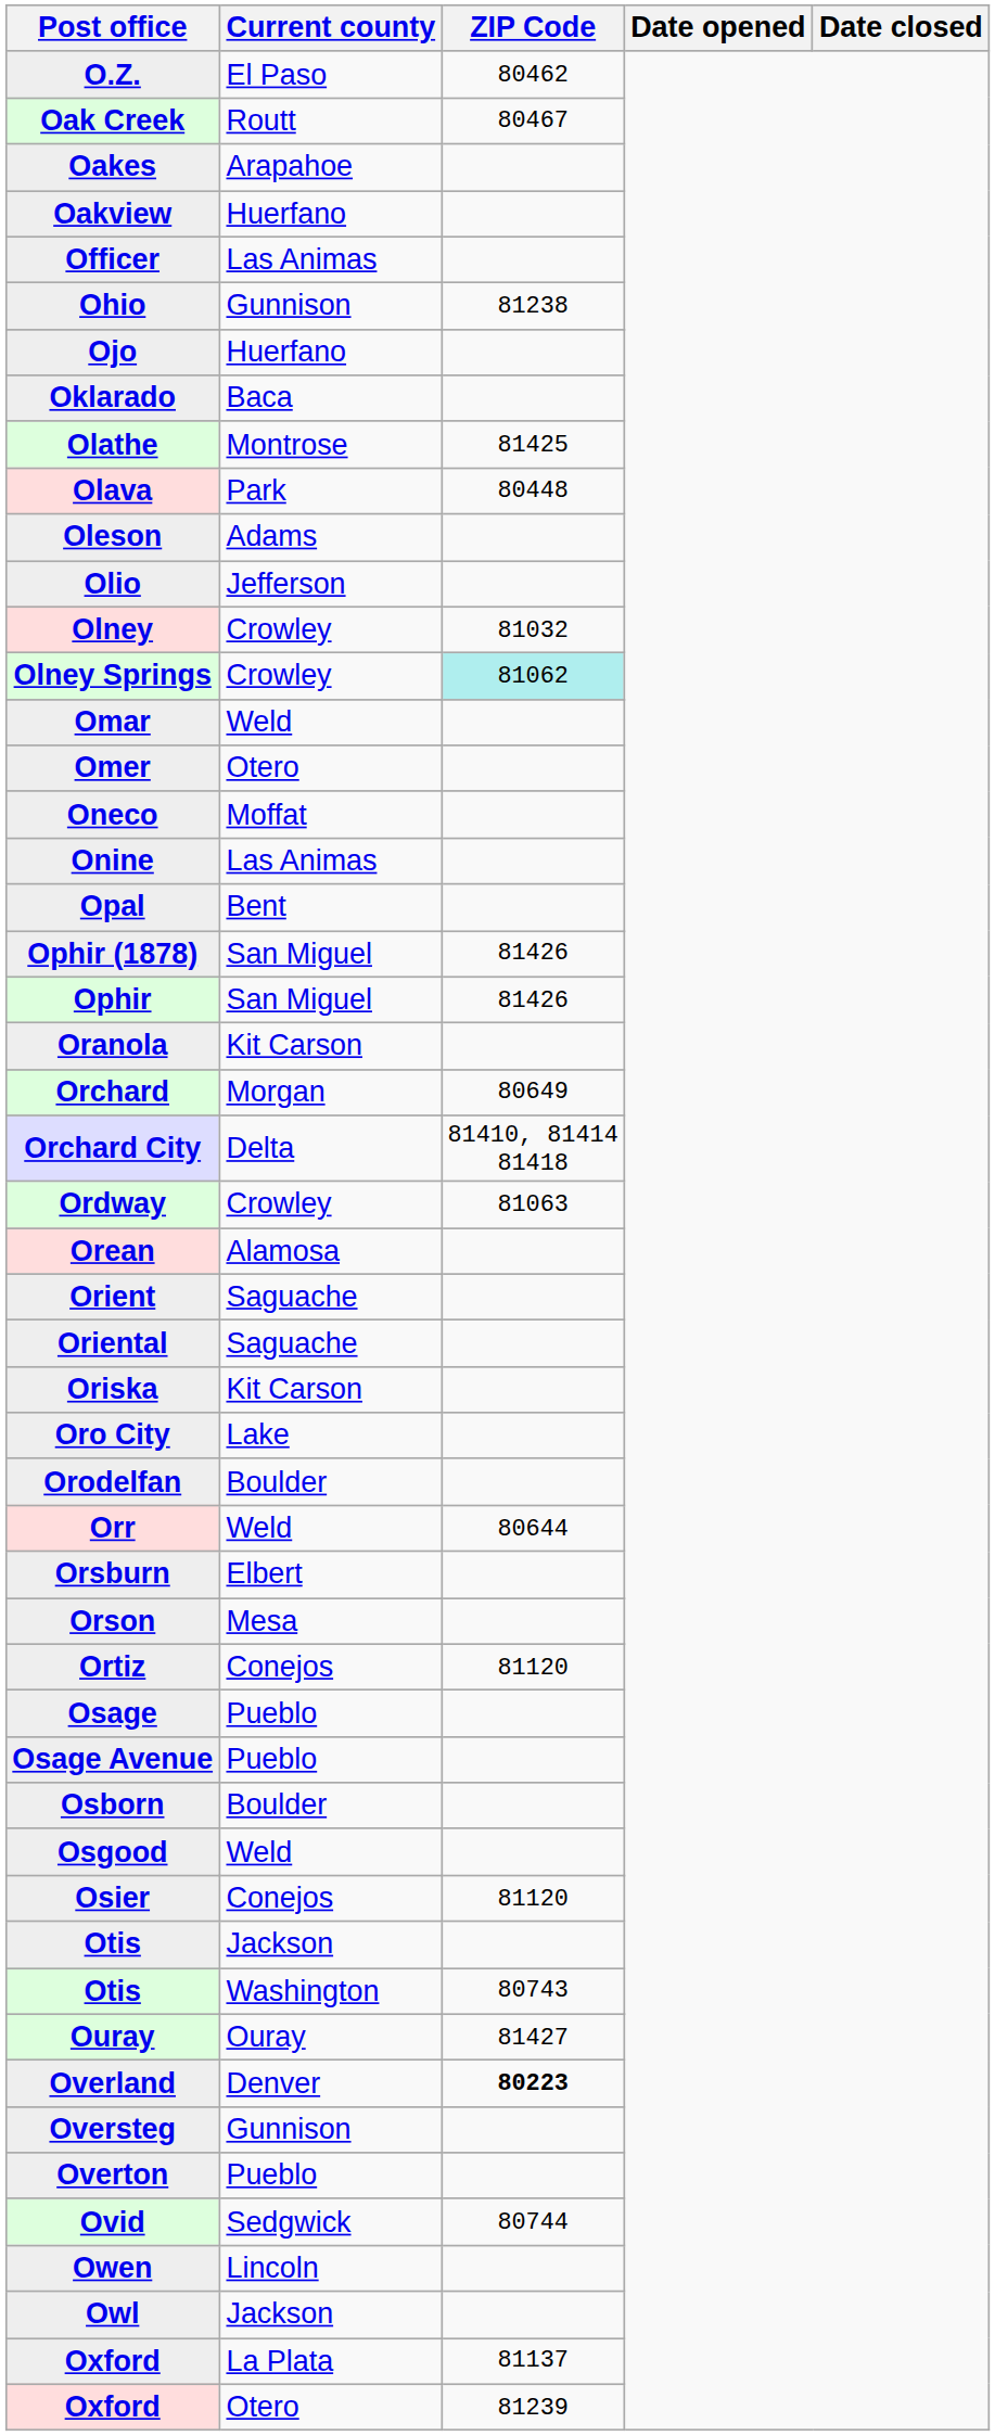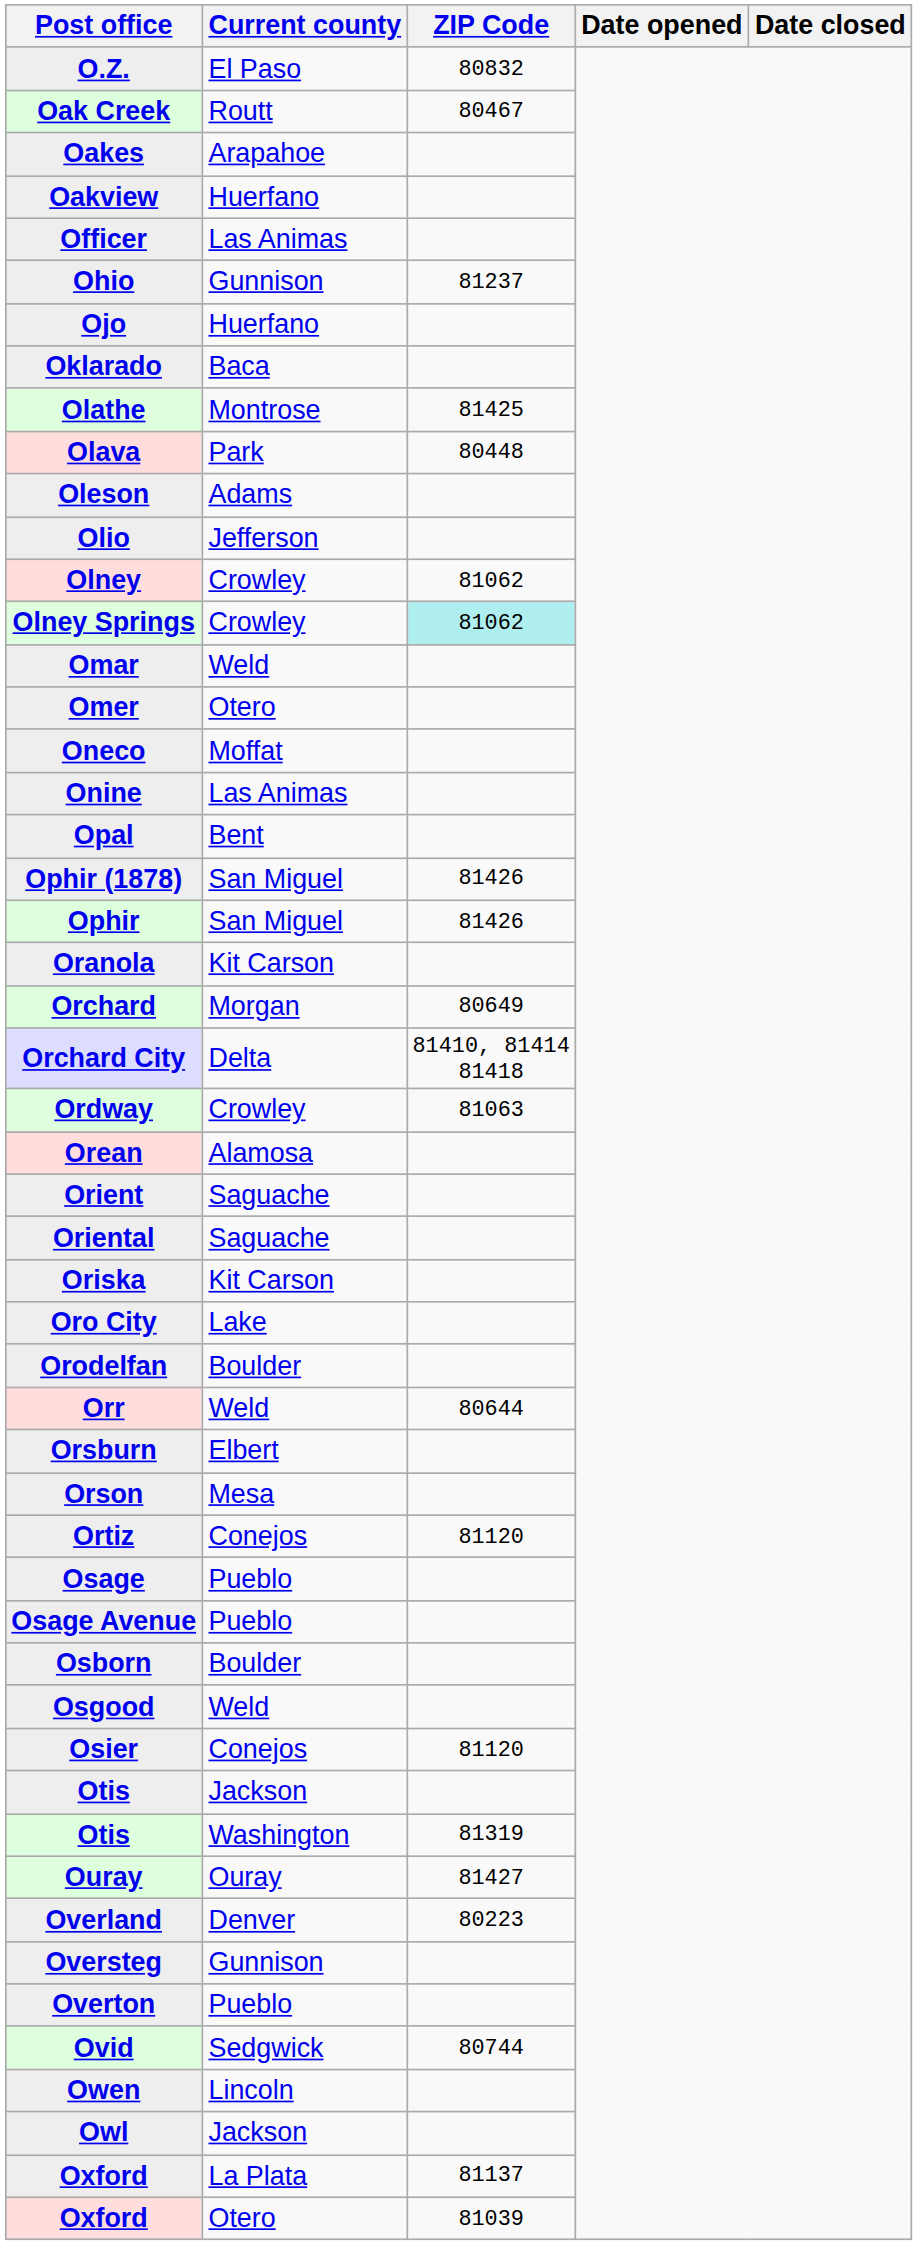 <table class="wikitable sortable  plainrowheaders" style="margin:auto;">
 <tr>
 <th scope=col><a href='#'>Post office</a></th>
 <th scope=col><a href='#'>Current county</a></th>
 <th scope=col><a href='#'>ZIP Code</a></th>
 <th scope=col>Date opened</th>
 <th scope=col>Date closed</th>
 </tr>
 <tr>
 <th scope=row rowspan=1 style="background-color:#EEEEEE;"><a href='#'>O.Z.</a></th>
 <td rowspan=1><a href='#'>El Paso</a></td>
-<td rowspan=1 align=center style="font-family:monospace;">80462<br> </td>
+<td rowspan=1 align=center style="font-family:monospace;">80832<br> </td>
 </tr>
 <tr>
 <th scope=row rowspan=1 style="background-color:#DDFFDD;"><a href='#'>Oak Creek</a></th>
 <td rowspan=1><a href='#'>Routt</a></td>
 <td rowspan=1 align=center style="font-family:monospace;">80467<br> </td>
 </tr>
 <tr>
 <th scope=row rowspan=1 style="background-color:#EEEEEE;"><a href='#'>Oakes</a></th>
 <td rowspan=1><a href='#'>Arapahoe</a></td>
 <td rowspan=1 align=center style="font-family:monospace;"><br> </td>
 </tr>
 <tr>
 <th scope=row rowspan=1 style="background-color:#EEEEEE;"><a href='#'>Oakview</a></th>
 <td rowspan=1><a href='#'>Huerfano</a></td>
 <td rowspan=1 align=center style="font-family:monospace;"><br> </td>
 </tr>
 <tr>
 <th scope=row rowspan=1 style="background-color:#EEEEEE;"><a href='#'>Officer</a></th>
 <td rowspan=1><a href='#'>Las Animas</a></td>
 <td rowspan=1 align=center style="font-family:monospace;"><br> </td>
 </tr>
 <tr>
 <th scope=row rowspan=1 style="background-color:#EEEEEE;"><a href='#'>Ohio</a></th>
 <td rowspan=1><a href='#'>Gunnison</a></td>
-<td rowspan=1 align=center style="font-family:monospace;">81238<br> </td>
+<td rowspan=1 align=center style="font-family:monospace;">81237<br> </td>
 </tr>
 <tr>
 <th scope=row rowspan=2 style="background-color:#EEEEEE;"><a href='#'>Ojo</a></th>
 <td rowspan=2><a href='#'>Huerfano</a></td>
 <td rowspan=2 align=center style="font-family:monospace;"><br> </td>
 </tr>
 <tr>
 </tr>
 <tr>
 <th scope=row rowspan=1 style="background-color:#EEEEEE;"><a href='#'>Oklarado</a></th>
 <td rowspan=1><a href='#'>Baca</a></td>
 <td rowspan=1 align=center style="font-family:monospace;"><br> </td>
 </tr>
 <tr>
 <th scope=row rowspan=1 style="background-color:#DDFFDD;"><a href='#'>Olathe</a></th>
 <td rowspan=1><a href='#'>Montrose</a></td>
 <td rowspan=1 align=center style="font-family:monospace;">81425<br> </td>
 </tr>
 <tr>
 <th scope=row rowspan=1 style="background-color:#FFDDDD;"><a href='#'>Olava</a></th>
 <td rowspan=1><a href='#'>Park</a></td>
 <td rowspan=1 align=center style="font-family:monospace;">80448<br> </td>
 </tr>
 <tr>
 <th scope=row rowspan=1 style="background-color:#EEEEEE;"><a href='#'>Oleson</a></th>
 <td rowspan=1><a href='#'>Adams</a></td>
 <td rowspan=1 align=center style="font-family:monospace;"><br> </td>
 </tr>
 <tr>
 <th scope=row rowspan=1 style="background-color:#EEEEEE;"><a href='#'>Olio</a></th>
 <td rowspan=1><a href='#'>Jefferson</a></td>
 <td rowspan=1 align=center style="font-family:monospace;"><br> </td>
 </tr>
 <tr>
 <th scope=row rowspan=1 style="background-color:#FFDDDD;"><a href='#'>Olney</a></th>
 <td rowspan=1><a href='#'>Crowley</a></td>
-<td rowspan=1 align=center style="font-family:monospace;">81032<br> </td>
+<td rowspan=1 align=center style="font-family:monospace;">81062<br> </td>
 </tr>
 <tr>
 <th scope=row rowspan=1 style="background-color:#DDFFDD;"><a href='#'>Olney Springs</a></th>
 <td rowspan=1><a href='#'>Crowley</a></td>
 <td rowspan=1 align=center style="background: paleturquoise; font-family:monospace;">81062<br> </td>
 </tr>
 <tr>
 <th scope=row rowspan=2 style="background-color:#EEEEEE;"><a href='#'>Omar</a></th>
 <td rowspan=2><a href='#'>Weld</a></td>
 <td rowspan=2 align=center style="font-family:monospace;"><br> </td>
 </tr>
 <tr>
 </tr>
 <tr>
 <th scope=row rowspan=1 style="background-color:#EEEEEE;"><a href='#'>Omer</a></th>
 <td rowspan=1><a href='#'>Otero</a></td>
 <td rowspan=1 align=center style="font-family:monospace;"><br> </td>
 </tr>
 <tr>
 <th scope=row rowspan=1 style="background-color:#EEEEEE;"><a href='#'>Oneco</a></th>
 <td rowspan=1><a href='#'>Moffat</a></td>
 <td rowspan=1 align=center style="font-family:monospace;"><br> </td>
 </tr>
 <tr>
 <th scope=row rowspan=1 style="background-color:#EEEEEE;"><a href='#'>Onine</a></th>
 <td rowspan=1><a href='#'>Las Animas</a></td>
 <td rowspan=1 align=center style="font-family:monospace;"><br> </td>
 </tr>
 <tr>
 <th scope=row rowspan=1 style="background-color:#EEEEEE;"><a href='#'>Opal</a></th>
 <td rowspan=1><a href='#'>Bent</a></td>
 <td rowspan=1 align=center style="font-family:monospace;"><br> </td>
 </tr>
 <tr>
 <th scope=row rowspan=2 style="background-color:#EEEEEE;"><a href='#'>Ophir (1878)</a></th>
 <td rowspan=2><a href='#'>San Miguel</a></td>
 <td rowspan=2 align=center style="font-family:monospace;">81426<br> </td>
 </tr>
 <tr>
 </tr>
 <tr>
 <th scope=row rowspan=1 style="background-color:#DDFFDD;"><a href='#'>Ophir</a></th>
 <td rowspan=1><a href='#'>San Miguel</a></td>
 <td rowspan=1 align=center style="font-family:monospace;">81426<br> </td>
 </tr>
 <tr>
 <th scope=row rowspan=1 style="background-color:#EEEEEE;"><a href='#'>Oranola</a></th>
 <td rowspan=1><a href='#'>Kit Carson</a></td>
 <td rowspan=1 align=center style="font-family:monospace;"><br> </td>
 </tr>
 <tr>
 <th scope=row rowspan=1 style="background-color:#DDFFDD;"><a href='#'>Orchard</a></th>
 <td rowspan=1><a href='#'>Morgan</a></td>
 <td rowspan=1 align=center style="font-family:monospace;">80649<br> </td>
 </tr>
 <tr>
 <th scope=row rowspan=1 style="background-color:#DDDDFF;"><a href='#'>Orchard City</a></th>
 <td rowspan=1><a href='#'>Delta</a></td>
 <td rowspan=1 align=center style="font-family:monospace;">81410, 81414<br>81418</td>
 </tr>
 <tr>
 <th scope=row rowspan=1 style="background-color:#DDFFDD;"><a href='#'>Ordway</a></th>
 <td rowspan=1><a href='#'>Crowley</a></td>
 <td rowspan=1 align=center style="font-family:monospace;">81063<br> </td>
 </tr>
 <tr>
 <th scope=row rowspan=1 style="background-color:#FFDDDD;"><a href='#'>Orean</a></th>
 <td rowspan=1><a href='#'>Alamosa</a></td>
 <td rowspan=1 align=center style="font-family:monospace;"><br> </td>
 </tr>
 <tr>
 <th scope=row rowspan=1 style="background-color:#EEEEEE;"><a href='#'>Orient</a></th>
 <td rowspan=1><a href='#'>Saguache</a></td>
 <td rowspan=1 align=center style="font-family:monospace;"><br> </td>
 </tr>
 <tr>
 <th scope=row rowspan=1 style="background-color:#EEEEEE;"><a href='#'>Oriental</a></th>
 <td rowspan=1><a href='#'>Saguache</a></td>
 <td rowspan=1 align=center style="font-family:monospace;"><br> </td>
 </tr>
 <tr>
 <th scope=row rowspan=1 style="background-color:#EEEEEE;"><a href='#'>Oriska</a></th>
 <td rowspan=1><a href='#'>Kit Carson</a></td>
 <td rowspan=1 align=center style="font-family:monospace;"><br> </td>
 </tr>
 <tr>
 <th scope=row rowspan=1 style="background-color:#EEEEEE;"><a href='#'>Oro City</a></th>
 <td rowspan=1><a href='#'>Lake</a></td>
 <td rowspan=1 align=center style="font-family:monospace;"><br> </td>
 </tr>
 <tr>
 <th scope=row rowspan=1 style="background-color:#EEEEEE;"><a href='#'>Orodelfan</a></th>
 <td rowspan=1><a href='#'>Boulder</a></td>
 <td rowspan=1 align=center style="font-family:monospace;"><br> </td>
 </tr>
 <tr>
 <th scope=row rowspan=1 style="background-color:#FFDDDD;"><a href='#'>Orr</a></th>
 <td rowspan=1><a href='#'>Weld</a></td>
 <td rowspan=1 align=center style="font-family:monospace;">80644<br> </td>
 </tr>
 <tr>
 <th scope=row rowspan=1 style="background-color:#EEEEEE;"><a href='#'>Orsburn</a></th>
 <td rowspan=1><a href='#'>Elbert</a></td>
 <td rowspan=1 align=center style="font-family:monospace;"><br> </td>
 </tr>
 <tr>
 <th scope=row rowspan=2 style="background-color:#EEEEEE;"><a href='#'>Orson</a></th>
 <td rowspan=2><a href='#'>Mesa</a></td>
 <td rowspan=2 align=center style="font-family:monospace;"><br> </td>
 </tr>
 <tr>
 </tr>
 <tr>
 <th scope=row rowspan=2 style="background-color:#EEEEEE;"><a href='#'>Ortiz</a></th>
 <td rowspan=2><a href='#'>Conejos</a></td>
 <td rowspan=2 align=center style="font-family:monospace;">81120<br> </td>
 </tr>
 <tr>
 </tr>
 <tr>
 <th scope=row rowspan=1 style="background-color:#EEEEEE;"><a href='#'>Osage</a></th>
 <td rowspan=1><a href='#'>Pueblo</a></td>
 <td rowspan=1 align=center style="font-family:monospace;"><br> </td>
 </tr>
 <tr>
 <th scope=row rowspan=1 style="background-color:#EEEEEE;"><a href='#'>Osage Avenue</a></th>
 <td rowspan=1><a href='#'>Pueblo</a></td>
 <td rowspan=1 align=center style="font-family:monospace;"><br> </td>
 </tr>
 <tr>
 <th scope=row rowspan=1 style="background-color:#EEEEEE;"><a href='#'>Osborn</a></th>
 <td rowspan=1><a href='#'>Boulder</a></td>
 <td rowspan=1 align=center style="font-family:monospace;"><br> </td>
 </tr>
 <tr>
 <th scope=row rowspan=1 style="background-color:#EEEEEE;"><a href='#'>Osgood</a></th>
 <td rowspan=1><a href='#'>Weld</a></td>
 <td rowspan=1 align=center style="font-family:monospace;"><br> </td>
 </tr>
 <tr>
 <th scope=row rowspan=3 style="background-color:#EEEEEE;"><a href='#'>Osier</a></th>
 <td rowspan=3><a href='#'>Conejos</a></td>
 <td rowspan=3 align=center style="font-family:monospace;">81120<br> </td>
 </tr>
 <tr>
 </tr>
 <tr>
 </tr>
 <tr>
 <th scope=row rowspan=1 style="background-color:#EEEEEE;"><a href='#'>Otis</a></th>
 <td rowspan=1><a href='#'>Jackson</a></td>
 <td rowspan=1 align=center style="font-family:monospace;"><br> </td>
 </tr>
 <tr>
 <th scope=row rowspan=1 style="background-color:#DDFFDD;"><a href='#'>Otis</a></th>
 <td rowspan=1><a href='#'>Washington</a></td>
-<td rowspan=1 align=center style="font-family:monospace;">80743<br> </td>
+<td rowspan=1 align=center style="font-family:monospace;">81319<br> </td>
 </tr>
 <tr>
 <th scope=row rowspan=2 style="background-color:#DDFFDD;"><a href='#'>Ouray</a></th>
 <td rowspan=2><a href='#'>Ouray</a></td>
 <td rowspan=2 align=center style="font-family:monospace;">81427<br> </td>
 </tr>
 <tr>
 </tr>
 <tr>
 <th scope=row rowspan=1 style="background-color:#EEEEEE;"><a href='#'>Overland</a></th>
 <td rowspan=1><a href='#'>Denver</a></td>
-<td rowspan=1 align=center style="font-family:monospace;"><strong>80223<br> </strong></td>
+<td rowspan=1 align=center style="font-family:monospace;">80223<br> </td>
 </tr>
 <tr>
 <th scope=row rowspan=1 style="background-color:#EEEEEE;"><a href='#'>Oversteg</a></th>
 <td rowspan=1><a href='#'>Gunnison</a></td>
 <td rowspan=1 align=center style="font-family:monospace;"><br> </td>
 </tr>
 <tr>
 <th scope=row rowspan=1 style="background-color:#EEEEEE;"><a href='#'>Overton</a></th>
 <td rowspan=1><a href='#'>Pueblo</a></td>
 <td rowspan=1 align=center style="font-family:monospace;"><br> </td>
 </tr>
 <tr>
 <th scope=row rowspan=1 style="background-color:#DDFFDD;"><a href='#'>Ovid</a></th>
 <td rowspan=1><a href='#'>Sedgwick</a></td>
 <td rowspan=1 align=center style="font-family:monospace;">80744<br> </td>
 </tr>
 <tr>
 <th scope=row rowspan=1 style="background-color:#EEEEEE;"><a href='#'>Owen</a></th>
 <td rowspan=1><a href='#'>Lincoln</a></td>
 <td rowspan=1 align=center style="font-family:monospace;"><br> </td>
 </tr>
 <tr>
 <th scope=row rowspan=1 style="background-color:#EEEEEE;"><a href='#'>Owl</a></th>
 <td rowspan=1><a href='#'>Jackson</a></td>
 <td rowspan=1 align=center style="font-family:monospace;"><br> </td>
 </tr>
 <tr>
 <th scope=row rowspan=1 style="background-color:#EEEEEE;"><a href='#'>Oxford</a></th>
 <td rowspan=1><a href='#'>La Plata</a></td>
 <td rowspan=1 align=center style="font-family:monospace;">81137<br> </td>
 </tr>
 <tr>
 <th scope=row rowspan=1 style="background-color:#FFDDDD;"><a href='#'>Oxford</a></th>
 <td rowspan=1><a href='#'>Otero</a></td>
-<td rowspan=1 align=center style="font-family:monospace;">81239<br> </td>
+<td rowspan=1 align=center style="font-family:monospace;">81039<br> </td>
 </tr>
 </table>
